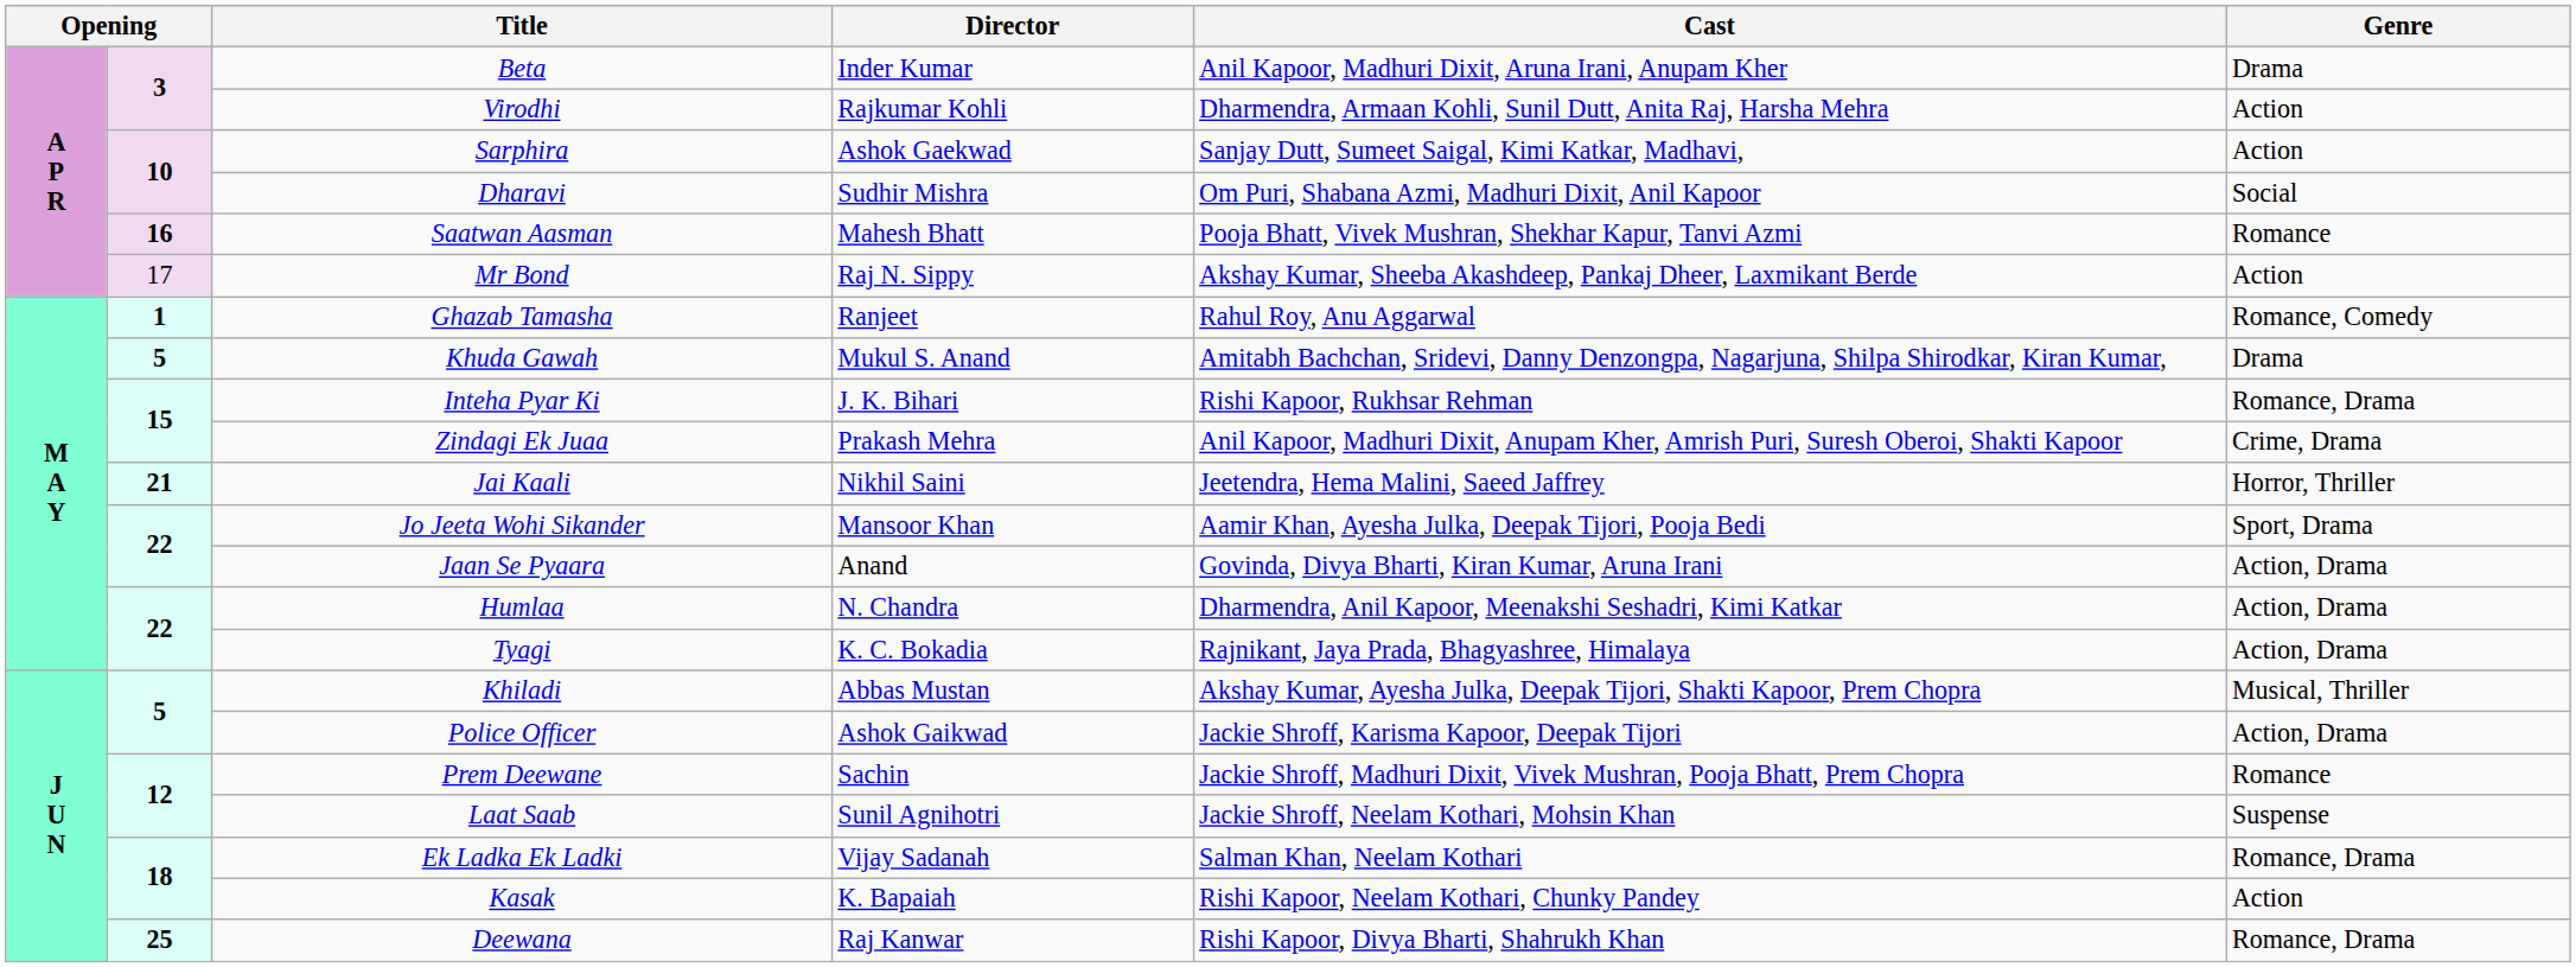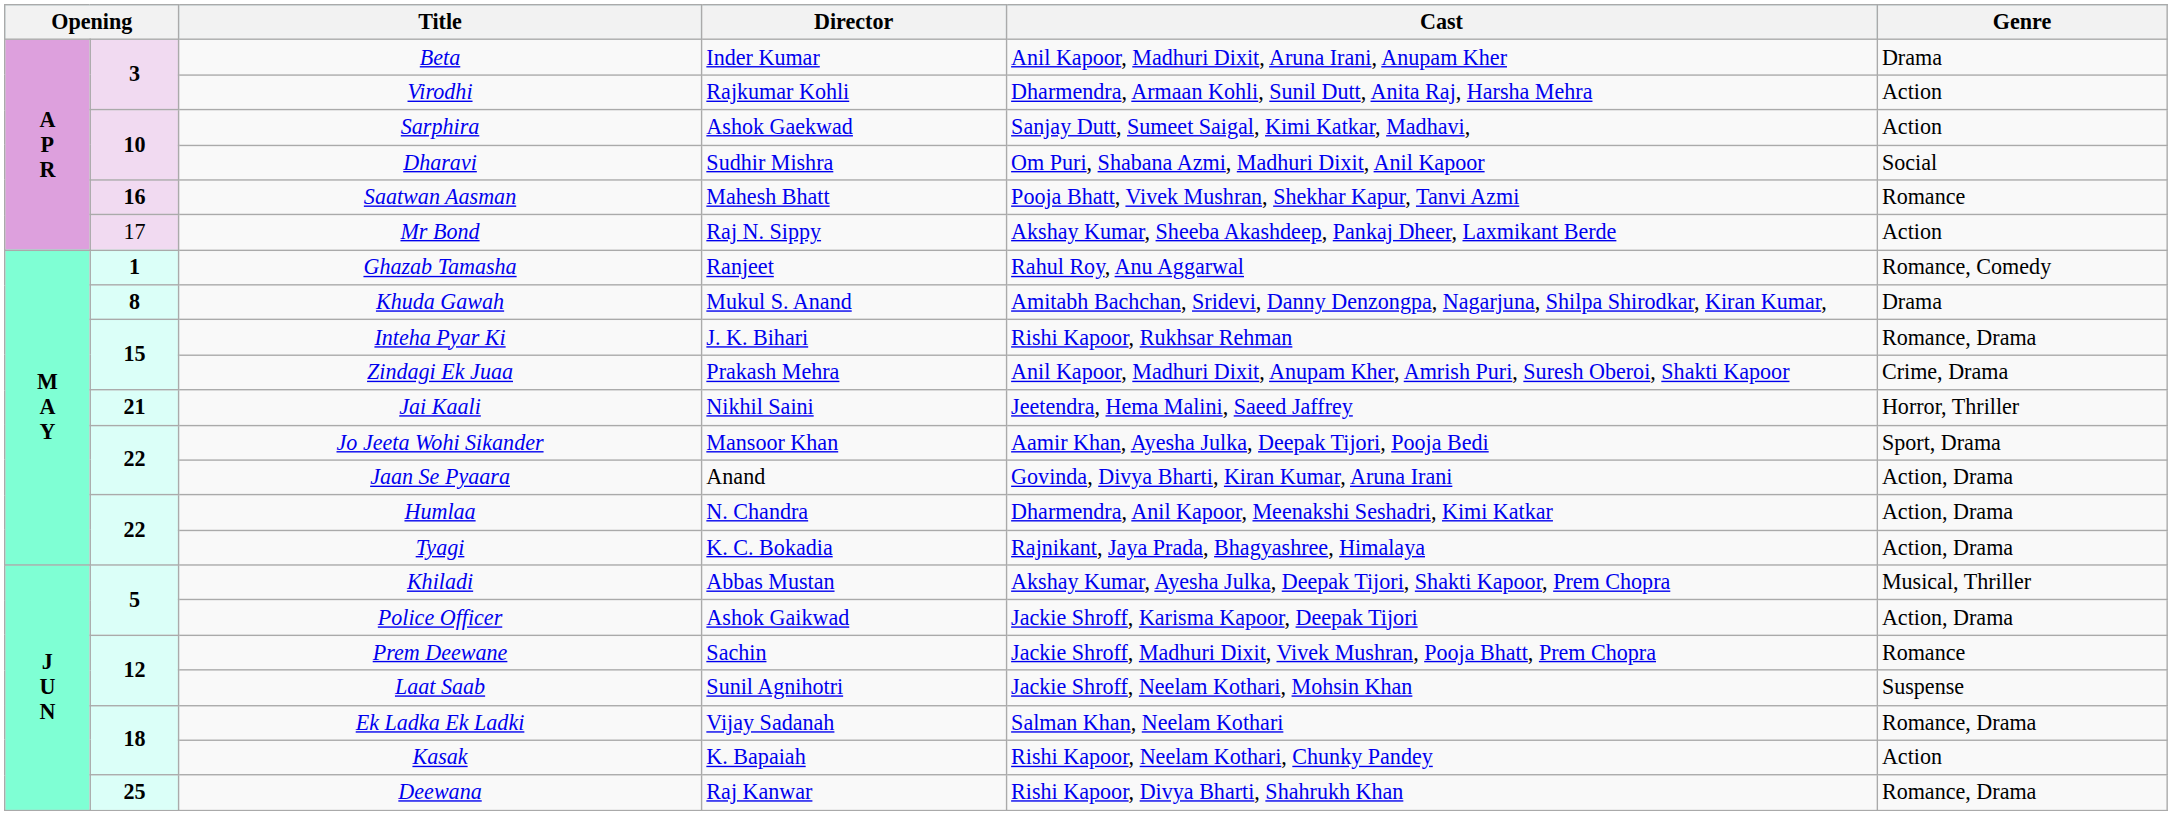 <table class="wikitable">
 <tr style="background:#b0e0e6; text-align:center;">
 <th colspan="2" style="width:6%;"><strong>Opening</strong></th>
 <th style="width:18%;"><strong>Title</strong></th>
 <th style="width:10.5%;"><strong>Director</strong></th>
 <th style="width:30%;"><strong>Cast</strong></th>
 <th style="width:10%;"><strong>Genre</strong></th>
 </tr>
 <tr>
 <td rowspan="6" style="text-align:center; background:plum; textcolor:#000;"><strong>A<br>P<br>R</strong></td>
 <td rowspan="2" style="text-align:center;background:#f1daf1;"><strong>3</strong></td>
 <td style="text-align:center;"><em><a href='#'>Beta</a></em></td>
 <td><a href='#'>Inder Kumar</a></td>
 <td><a href='#'>Anil Kapoor</a>, <a href='#'>Madhuri Dixit</a>, <a href='#'>Aruna Irani</a>, <a href='#'>Anupam Kher</a></td>
 <td>Drama</td>
 </tr>
 <tr>
 <td style="text-align:center;"><em><a href='#'>Virodhi</a></em></td>
 <td><a href='#'>Rajkumar Kohli</a></td>
 <td><a href='#'>Dharmendra</a>, <a href='#'>Armaan Kohli</a>, <a href='#'>Sunil Dutt</a>, <a href='#'>Anita Raj</a>, <a href='#'>Harsha Mehra</a></td>
 <td>Action</td>
 </tr>
 <tr>
 <td rowspan="2" style="text-align:center;background:#f1daf1;"><strong>10</strong></td>
 <td style="text-align:center;"><em><a href='#'>Sarphira</a></em></td>
 <td><a href='#'>Ashok Gaekwad</a></td>
 <td><a href='#'>Sanjay Dutt</a>, <a href='#'>Sumeet Saigal</a>, <a href='#'>Kimi Katkar</a>, <a href='#'>Madhavi</a>,</td>
 <td>Action</td>
 </tr>
 <tr>
 <td style="text-align:center;"><em><a href='#'>Dharavi</a></em></td>
 <td><a href='#'>Sudhir Mishra</a></td>
 <td><a href='#'>Om Puri</a>, <a href='#'>Shabana Azmi</a>, <a href='#'>Madhuri Dixit</a>, <a href='#'>Anil Kapoor</a></td>
 <td>Social</td>
 </tr>
 <tr>
 <td rowspan="1" style="text-align:center;background:#f1daf1;"><strong>16</strong></td>
 <td style="text-align:center;"><em><a href='#'>Saatwan Aasman</a></em></td>
 <td><a href='#'>Mahesh Bhatt</a></td>
 <td><a href='#'>Pooja Bhatt</a>, <a href='#'>Vivek Mushran</a>, <a href='#'>Shekhar Kapur</a>, <a href='#'>Tanvi Azmi</a></td>
 <td>Romance</td>
 </tr>
 <tr>
 <td rowspan="1" style="text-align:center;background:#f1daf1;">17</td>
 <td style="text-align:center;"><em><a href='#'>Mr Bond</a></em></td>
 <td><a href='#'>Raj N. Sippy</a></td>
 <td><a href='#'>Akshay Kumar</a>, <a href='#'>Sheeba Akashdeep</a>, <a href='#'>Pankaj Dheer</a>, <a href='#'>Laxmikant Berde</a></td>
 <td>Action</td>
 </tr>
 <tr>
 <td rowspan="9" style="text-align:center; background:#7FFFD4; textcolor:#000;"><strong>M<br>A<br>Y</strong></td>
 <td style="text-align:center; background:#dbfff8;"><strong>1</strong></td>
 <td style="text-align:center;"><em><a href='#'>Ghazab Tamasha</a></em></td>
 <td><a href='#'>Ranjeet</a></td>
 <td><a href='#'>Rahul Roy</a>, <a href='#'>Anu Aggarwal</a></td>
 <td>Romance, Comedy</td>
 </tr>
 <tr>
-<td rowspan="1" style="text-align:center;background:#DBFFF8;"><strong>5</strong></td>
+<td rowspan="1" style="text-align:center;background:#DBFFF8;"><strong>8</strong></td>
 <td style="text-align:center;"><em><a href='#'>Khuda Gawah</a></em></td>
 <td><a href='#'>Mukul S. Anand</a></td>
 <td><a href='#'>Amitabh Bachchan</a>, <a href='#'>Sridevi</a>, <a href='#'>Danny Denzongpa</a>, <a href='#'>Nagarjuna</a>, <a href='#'>Shilpa Shirodkar</a>, <a href='#'>Kiran Kumar</a>,</td>
 <td>Drama</td>
 </tr>
 <tr>
 <td rowspan="2" style="text-align:center;background:#DBFFF8;"><strong>15</strong></td>
 <td style="text-align:center;"><em><a href='#'>Inteha Pyar Ki</a></em></td>
 <td><a href='#'>J. K. Bihari</a></td>
 <td><a href='#'>Rishi Kapoor</a>, <a href='#'>Rukhsar Rehman</a></td>
 <td>Romance, Drama</td>
 </tr>
 <tr>
 <td style="text-align:center;"><em><a href='#'>Zindagi Ek Juaa</a></em></td>
 <td><a href='#'>Prakash Mehra</a></td>
 <td><a href='#'>Anil Kapoor</a>, <a href='#'>Madhuri Dixit</a>, <a href='#'>Anupam Kher</a>, <a href='#'>Amrish Puri</a>, <a href='#'>Suresh Oberoi</a>, <a href='#'>Shakti Kapoor</a></td>
 <td>Crime, Drama</td>
 </tr>
 <tr>
 <td style="text-align:center;background:#DBFFF8;"><strong>21</strong></td>
 <td style="text-align:center;"><em><a href='#'>Jai Kaali</a></em></td>
 <td><a href='#'>Nikhil Saini</a></td>
 <td><a href='#'>Jeetendra</a>, <a href='#'>Hema Malini</a>, <a href='#'>Saeed Jaffrey</a></td>
 <td>Horror, Thriller</td>
 </tr>
 <tr>
 <td rowspan="2" style="text-align:center;background:#DBFFF8;"><strong>22</strong></td>
 <td style="text-align:center;"><em><a href='#'>Jo Jeeta Wohi Sikander</a></em></td>
 <td><a href='#'>Mansoor Khan</a></td>
 <td><a href='#'>Aamir Khan</a>, <a href='#'>Ayesha Julka</a>, <a href='#'>Deepak Tijori</a>, <a href='#'>Pooja Bedi</a></td>
 <td>Sport, Drama</td>
 </tr>
 <tr>
 <td style="text-align:center;"><em><a href='#'>Jaan Se Pyaara</a></em></td>
 <td>Anand</td>
 <td><a href='#'>Govinda</a>, <a href='#'>Divya Bharti</a>, <a href='#'>Kiran Kumar</a>, <a href='#'>Aruna Irani</a></td>
 <td>Action, Drama</td>
 </tr>
 <tr>
 <td rowspan="2" style="text-align:center;background:#DBFFF8;"><strong>22</strong></td>
 <td style="text-align:center;"><em><a href='#'>Humlaa</a></em></td>
 <td><a href='#'>N. Chandra</a></td>
 <td><a href='#'>Dharmendra</a>, <a href='#'>Anil Kapoor</a>, <a href='#'>Meenakshi Seshadri</a>, <a href='#'>Kimi Katkar</a></td>
 <td>Action, Drama</td>
 </tr>
 <tr>
 <td style="text-align:center;"><em><a href='#'>Tyagi</a></em></td>
 <td><a href='#'>K. C. Bokadia</a></td>
 <td><a href='#'>Rajnikant</a>, <a href='#'>Jaya Prada</a>, <a href='#'>Bhagyashree</a>, <a href='#'>Himalaya</a></td>
 <td>Action, Drama</td>
 </tr>
 <tr>
 <td rowspan="7" style="text-align:center; background:#7FFFD4; textcolor:#000;"><strong>J<br>U<br>N</strong></td>
 <td rowspan="2" style="text-align:center;background:#DBFFF8;"><strong>5</strong></td>
 <td style="text-align:center;"><em><a href='#'>Khiladi</a></em></td>
 <td><a href='#'>Abbas Mustan</a></td>
 <td><a href='#'>Akshay Kumar</a>, <a href='#'>Ayesha Julka</a>, <a href='#'>Deepak Tijori</a>, <a href='#'>Shakti Kapoor</a>, <a href='#'>Prem Chopra</a></td>
 <td>Musical, Thriller</td>
 </tr>
 <tr>
 <td style="text-align:center;"><em><a href='#'>Police Officer</a></em></td>
 <td><a href='#'>Ashok Gaikwad</a></td>
 <td><a href='#'>Jackie Shroff</a>, <a href='#'>Karisma Kapoor</a>, <a href='#'>Deepak Tijori</a></td>
 <td>Action, Drama</td>
 </tr>
 <tr>
 <td rowspan="2" style="text-align:center;background:#DBFFF8;"><strong>12</strong></td>
 <td style="text-align:center;"><em><a href='#'>Prem Deewane</a></em></td>
 <td><a href='#'>Sachin</a></td>
 <td><a href='#'>Jackie Shroff</a>, <a href='#'>Madhuri Dixit</a>, <a href='#'>Vivek Mushran</a>, <a href='#'>Pooja Bhatt</a>, <a href='#'>Prem Chopra</a></td>
 <td>Romance</td>
 </tr>
 <tr>
 <td style="text-align:center;"><em><a href='#'>Laat Saab</a></em></td>
 <td><a href='#'>Sunil Agnihotri</a></td>
 <td><a href='#'>Jackie Shroff</a>, <a href='#'>Neelam Kothari</a>, <a href='#'>Mohsin Khan</a></td>
 <td>Suspense</td>
 </tr>
 <tr>
 <td rowspan="2" style="text-align:center;background:#DBFFF8;"><strong>18</strong></td>
 <td style="text-align:center;"><em><a href='#'>Ek Ladka Ek Ladki</a></em></td>
 <td><a href='#'>Vijay Sadanah</a></td>
 <td><a href='#'>Salman Khan</a>, <a href='#'>Neelam Kothari</a></td>
 <td>Romance, Drama</td>
 </tr>
 <tr>
 <td style="text-align:center;"><em><a href='#'>Kasak</a></em></td>
 <td><a href='#'>K. Bapaiah</a></td>
 <td><a href='#'>Rishi Kapoor</a>, <a href='#'>Neelam Kothari</a>, <a href='#'>Chunky Pandey</a></td>
 <td>Action</td>
 </tr>
 <tr>
 <td rowspan="2" style="text-align:center;background:#DBFFF8;"><strong>25</strong></td>
 <td style="text-align:center;"><em><a href='#'>Deewana</a></em></td>
 <td><a href='#'>Raj Kanwar</a></td>
 <td><a href='#'>Rishi Kapoor</a>, <a href='#'>Divya Bharti</a>, <a href='#'>Shahrukh Khan</a></td>
 <td>Romance, Drama</td>
 </tr>
 <tr>
 </tr>
 </table>
